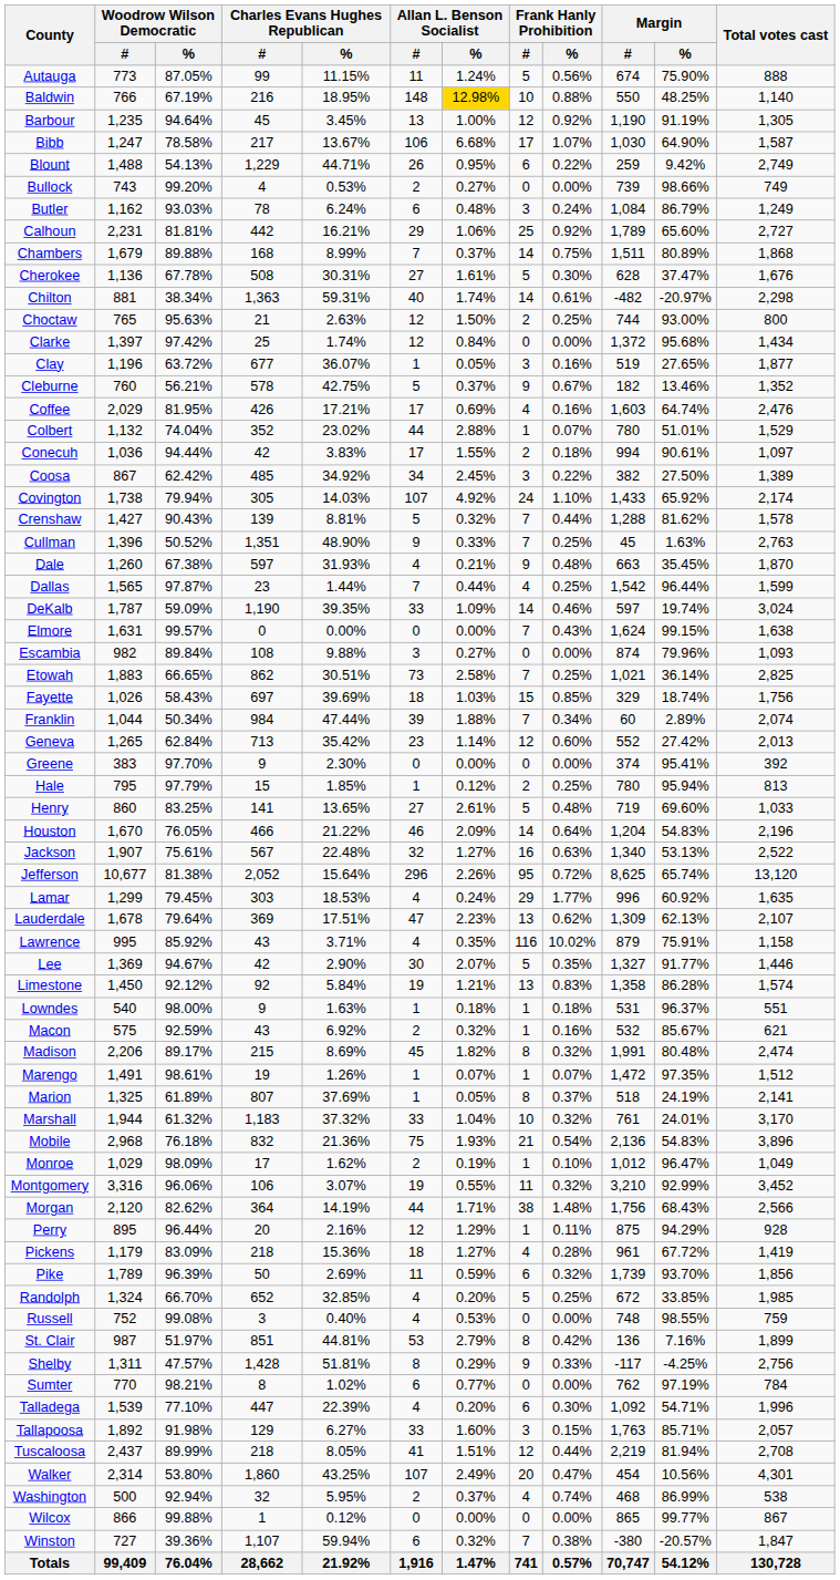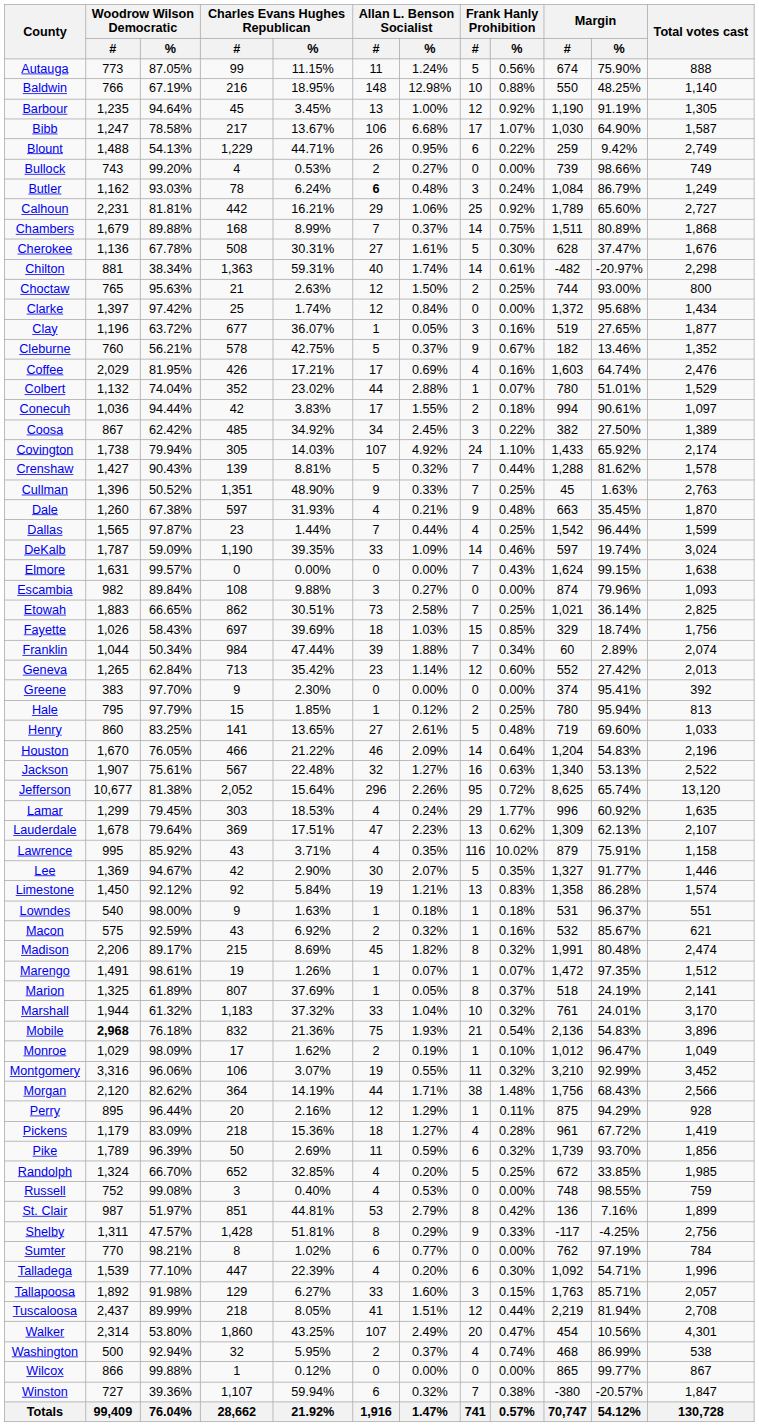 <table width="60%" class="wikitable sortable">
 <tr>
 <th rowspan="2">County</th>
 <th colspan="2">Woodrow Wilson<br>Democratic</th>
 <th colspan="2">Charles Evans Hughes<br>Republican</th>
 <th colspan="2">Allan L. Benson<br>Socialist</th>
 <th colspan="2">Frank Hanly<br>Prohibition</th>
 <th colspan="2">Margin</th>
 <th rowspan="2">Total votes cast</th>
 </tr>
 <tr bgcolor="lightgrey">
 <th data-sort-type="number">#</th>
 <th data-sort-type="number">%</th>
 <th data-sort-type="number">#</th>
 <th data-sort-type="number">%</th>
 <th data-sort-type="number">#</th>
 <th data-sort-type="number">%</th>
 <th data-sort-type="number">#</th>
 <th data-sort-type="number">%</th>
 <th data-sort-type="number">#</th>
 <th data-sort-type="number">%</th>
 </tr>
 <tr style="text-align:center;">
 <td><a href='#'>Autauga</a></td>
 <td>773</td>
 <td>87.05%</td>
 <td>99</td>
 <td>11.15%</td>
 <td>11</td>
 <td>1.24%</td>
 <td>5</td>
 <td>0.56%</td>
 <td>674</td>
 <td>75.90%</td>
 <td>888</td>
 </tr>
 <tr style="text-align:center;">
 <td><a href='#'>Baldwin</a></td>
 <td>766</td>
 <td>67.19%</td>
 <td>216</td>
 <td>18.95%</td>
 <td>148</td>
-<td style="background: gold;">12.98%</td>
+<td>12.98%</td>
 <td>10</td>
 <td>0.88%</td>
 <td>550</td>
 <td>48.25%</td>
 <td>1,140</td>
 </tr>
 <tr style="text-align:center;">
 <td><a href='#'>Barbour</a></td>
 <td>1,235</td>
 <td>94.64%</td>
 <td>45</td>
 <td>3.45%</td>
 <td>13</td>
 <td>1.00%</td>
 <td>12</td>
 <td>0.92%</td>
 <td>1,190</td>
 <td>91.19%</td>
 <td>1,305</td>
 </tr>
 <tr style="text-align:center;">
 <td><a href='#'>Bibb</a></td>
 <td>1,247</td>
 <td>78.58%</td>
 <td>217</td>
 <td>13.67%</td>
 <td>106</td>
 <td>6.68%</td>
 <td>17</td>
 <td>1.07%</td>
 <td>1,030</td>
 <td>64.90%</td>
 <td>1,587</td>
 </tr>
 <tr style="text-align:center;">
 <td><a href='#'>Blount</a></td>
 <td>1,488</td>
 <td>54.13%</td>
 <td>1,229</td>
 <td>44.71%</td>
 <td>26</td>
 <td>0.95%</td>
 <td>6</td>
 <td>0.22%</td>
 <td>259</td>
 <td>9.42%</td>
 <td>2,749</td>
 </tr>
 <tr style="text-align:center;">
 <td><a href='#'>Bullock</a></td>
 <td>743</td>
 <td>99.20%</td>
 <td>4</td>
 <td>0.53%</td>
 <td>2</td>
 <td>0.27%</td>
 <td>0</td>
 <td>0.00%</td>
 <td>739</td>
 <td>98.66%</td>
 <td>749</td>
 </tr>
 <tr style="text-align:center;">
 <td><a href='#'>Butler</a></td>
 <td>1,162</td>
 <td>93.03%</td>
 <td>78</td>
 <td>6.24%</td>
-<td>6</td>
+<td><strong>6</strong></td>
 <td>0.48%</td>
 <td>3</td>
 <td>0.24%</td>
 <td>1,084</td>
 <td>86.79%</td>
 <td>1,249</td>
 </tr>
 <tr style="text-align:center;">
 <td><a href='#'>Calhoun</a></td>
 <td>2,231</td>
 <td>81.81%</td>
 <td>442</td>
 <td>16.21%</td>
 <td>29</td>
 <td>1.06%</td>
 <td>25</td>
 <td>0.92%</td>
 <td>1,789</td>
 <td>65.60%</td>
 <td>2,727</td>
 </tr>
 <tr style="text-align:center;">
 <td><a href='#'>Chambers</a></td>
 <td>1,679</td>
 <td>89.88%</td>
 <td>168</td>
 <td>8.99%</td>
 <td>7</td>
 <td>0.37%</td>
 <td>14</td>
 <td>0.75%</td>
 <td>1,511</td>
 <td>80.89%</td>
 <td>1,868</td>
 </tr>
 <tr style="text-align:center;">
 <td><a href='#'>Cherokee</a></td>
 <td>1,136</td>
 <td>67.78%</td>
 <td>508</td>
 <td>30.31%</td>
 <td>27</td>
 <td>1.61%</td>
 <td>5</td>
 <td>0.30%</td>
 <td>628</td>
 <td>37.47%</td>
 <td>1,676</td>
 </tr>
 <tr style="text-align:center;">
 <td><a href='#'>Chilton</a></td>
 <td>881</td>
 <td>38.34%</td>
 <td>1,363</td>
 <td>59.31%</td>
 <td>40</td>
 <td>1.74%</td>
 <td>14</td>
 <td>0.61%</td>
 <td>-482</td>
 <td>-20.97%</td>
 <td>2,298</td>
 </tr>
 <tr style="text-align:center;">
 <td><a href='#'>Choctaw</a></td>
 <td>765</td>
 <td>95.63%</td>
 <td>21</td>
 <td>2.63%</td>
 <td>12</td>
 <td>1.50%</td>
 <td>2</td>
 <td>0.25%</td>
 <td>744</td>
 <td>93.00%</td>
 <td>800</td>
 </tr>
 <tr style="text-align:center;">
 <td><a href='#'>Clarke</a></td>
 <td>1,397</td>
 <td>97.42%</td>
 <td>25</td>
 <td>1.74%</td>
 <td>12</td>
 <td>0.84%</td>
 <td>0</td>
 <td>0.00%</td>
 <td>1,372</td>
 <td>95.68%</td>
 <td>1,434</td>
 </tr>
 <tr style="text-align:center;">
 <td><a href='#'>Clay</a></td>
 <td>1,196</td>
 <td>63.72%</td>
 <td>677</td>
 <td>36.07%</td>
 <td>1</td>
 <td>0.05%</td>
 <td>3</td>
 <td>0.16%</td>
 <td>519</td>
 <td>27.65%</td>
 <td>1,877</td>
 </tr>
 <tr style="text-align:center;">
 <td><a href='#'>Cleburne</a></td>
 <td>760</td>
 <td>56.21%</td>
 <td>578</td>
 <td>42.75%</td>
 <td>5</td>
 <td>0.37%</td>
 <td>9</td>
 <td>0.67%</td>
 <td>182</td>
 <td>13.46%</td>
 <td>1,352</td>
 </tr>
 <tr style="text-align:center;">
 <td><a href='#'>Coffee</a></td>
 <td>2,029</td>
 <td>81.95%</td>
 <td>426</td>
 <td>17.21%</td>
 <td>17</td>
 <td>0.69%</td>
 <td>4</td>
 <td>0.16%</td>
 <td>1,603</td>
 <td>64.74%</td>
 <td>2,476</td>
 </tr>
 <tr style="text-align:center;">
 <td><a href='#'>Colbert</a></td>
 <td>1,132</td>
 <td>74.04%</td>
 <td>352</td>
 <td>23.02%</td>
 <td>44</td>
 <td>2.88%</td>
 <td>1</td>
 <td>0.07%</td>
 <td>780</td>
 <td>51.01%</td>
 <td>1,529</td>
 </tr>
 <tr style="text-align:center;">
 <td><a href='#'>Conecuh</a></td>
 <td>1,036</td>
 <td>94.44%</td>
 <td>42</td>
 <td>3.83%</td>
 <td>17</td>
 <td>1.55%</td>
 <td>2</td>
 <td>0.18%</td>
 <td>994</td>
 <td>90.61%</td>
 <td>1,097</td>
 </tr>
 <tr style="text-align:center;">
 <td><a href='#'>Coosa</a></td>
 <td>867</td>
 <td>62.42%</td>
 <td>485</td>
 <td>34.92%</td>
 <td>34</td>
 <td>2.45%</td>
 <td>3</td>
 <td>0.22%</td>
 <td>382</td>
 <td>27.50%</td>
 <td>1,389</td>
 </tr>
 <tr style="text-align:center;">
 <td><a href='#'>Covington</a></td>
 <td>1,738</td>
 <td>79.94%</td>
 <td>305</td>
 <td>14.03%</td>
 <td>107</td>
 <td>4.92%</td>
 <td>24</td>
 <td>1.10%</td>
 <td>1,433</td>
 <td>65.92%</td>
 <td>2,174</td>
 </tr>
 <tr style="text-align:center;">
 <td><a href='#'>Crenshaw</a></td>
 <td>1,427</td>
 <td>90.43%</td>
 <td>139</td>
 <td>8.81%</td>
 <td>5</td>
 <td>0.32%</td>
 <td>7</td>
 <td>0.44%</td>
 <td>1,288</td>
 <td>81.62%</td>
 <td>1,578</td>
 </tr>
 <tr style="text-align:center;">
 <td><a href='#'>Cullman</a></td>
 <td>1,396</td>
 <td>50.52%</td>
 <td>1,351</td>
 <td>48.90%</td>
 <td>9</td>
 <td>0.33%</td>
 <td>7</td>
 <td>0.25%</td>
 <td>45</td>
 <td>1.63%</td>
 <td>2,763</td>
 </tr>
 <tr style="text-align:center;">
 <td><a href='#'>Dale</a></td>
 <td>1,260</td>
 <td>67.38%</td>
 <td>597</td>
 <td>31.93%</td>
 <td>4</td>
 <td>0.21%</td>
 <td>9</td>
 <td>0.48%</td>
 <td>663</td>
 <td>35.45%</td>
 <td>1,870</td>
 </tr>
 <tr style="text-align:center;">
 <td><a href='#'>Dallas</a></td>
 <td>1,565</td>
 <td>97.87%</td>
 <td>23</td>
 <td>1.44%</td>
 <td>7</td>
 <td>0.44%</td>
 <td>4</td>
 <td>0.25%</td>
 <td>1,542</td>
 <td>96.44%</td>
 <td>1,599</td>
 </tr>
 <tr style="text-align:center;">
 <td><a href='#'>DeKalb</a></td>
 <td>1,787</td>
 <td>59.09%</td>
 <td>1,190</td>
 <td>39.35%</td>
 <td>33</td>
 <td>1.09%</td>
 <td>14</td>
 <td>0.46%</td>
 <td>597</td>
 <td>19.74%</td>
 <td>3,024</td>
 </tr>
 <tr style="text-align:center;">
 <td><a href='#'>Elmore</a></td>
 <td>1,631</td>
 <td>99.57%</td>
 <td>0</td>
 <td>0.00%</td>
 <td>0</td>
 <td>0.00%</td>
 <td>7</td>
 <td>0.43%</td>
 <td>1,624</td>
 <td>99.15%</td>
 <td>1,638</td>
 </tr>
 <tr style="text-align:center;">
 <td><a href='#'>Escambia</a></td>
 <td>982</td>
 <td>89.84%</td>
 <td>108</td>
 <td>9.88%</td>
 <td>3</td>
 <td>0.27%</td>
 <td>0</td>
 <td>0.00%</td>
 <td>874</td>
 <td>79.96%</td>
 <td>1,093</td>
 </tr>
 <tr style="text-align:center;">
 <td><a href='#'>Etowah</a></td>
 <td>1,883</td>
 <td>66.65%</td>
 <td>862</td>
 <td>30.51%</td>
 <td>73</td>
 <td>2.58%</td>
 <td>7</td>
 <td>0.25%</td>
 <td>1,021</td>
 <td>36.14%</td>
 <td>2,825</td>
 </tr>
 <tr style="text-align:center;">
 <td><a href='#'>Fayette</a></td>
 <td>1,026</td>
 <td>58.43%</td>
 <td>697</td>
 <td>39.69%</td>
 <td>18</td>
 <td>1.03%</td>
 <td>15</td>
 <td>0.85%</td>
 <td>329</td>
 <td>18.74%</td>
 <td>1,756</td>
 </tr>
 <tr style="text-align:center;">
 <td><a href='#'>Franklin</a></td>
 <td>1,044</td>
 <td>50.34%</td>
 <td>984</td>
 <td>47.44%</td>
 <td>39</td>
 <td>1.88%</td>
 <td>7</td>
 <td>0.34%</td>
 <td>60</td>
 <td>2.89%</td>
 <td>2,074</td>
 </tr>
 <tr style="text-align:center;">
 <td><a href='#'>Geneva</a></td>
 <td>1,265</td>
 <td>62.84%</td>
 <td>713</td>
 <td>35.42%</td>
 <td>23</td>
 <td>1.14%</td>
 <td>12</td>
 <td>0.60%</td>
 <td>552</td>
 <td>27.42%</td>
 <td>2,013</td>
 </tr>
 <tr style="text-align:center;">
 <td><a href='#'>Greene</a></td>
 <td>383</td>
 <td>97.70%</td>
 <td>9</td>
 <td>2.30%</td>
 <td>0</td>
 <td>0.00%</td>
 <td>0</td>
 <td>0.00%</td>
 <td>374</td>
 <td>95.41%</td>
 <td>392</td>
 </tr>
 <tr style="text-align:center;">
 <td><a href='#'>Hale</a></td>
 <td>795</td>
 <td>97.79%</td>
 <td>15</td>
 <td>1.85%</td>
 <td>1</td>
 <td>0.12%</td>
 <td>2</td>
 <td>0.25%</td>
 <td>780</td>
 <td>95.94%</td>
 <td>813</td>
 </tr>
 <tr style="text-align:center;">
 <td><a href='#'>Henry</a></td>
 <td>860</td>
 <td>83.25%</td>
 <td>141</td>
 <td>13.65%</td>
 <td>27</td>
 <td>2.61%</td>
 <td>5</td>
 <td>0.48%</td>
 <td>719</td>
 <td>69.60%</td>
 <td>1,033</td>
 </tr>
 <tr style="text-align:center;">
 <td><a href='#'>Houston</a></td>
 <td>1,670</td>
 <td>76.05%</td>
 <td>466</td>
 <td>21.22%</td>
 <td>46</td>
 <td>2.09%</td>
 <td>14</td>
 <td>0.64%</td>
 <td>1,204</td>
 <td>54.83%</td>
 <td>2,196</td>
 </tr>
 <tr style="text-align:center;">
 <td><a href='#'>Jackson</a></td>
 <td>1,907</td>
 <td>75.61%</td>
 <td>567</td>
 <td>22.48%</td>
 <td>32</td>
 <td>1.27%</td>
 <td>16</td>
 <td>0.63%</td>
 <td>1,340</td>
 <td>53.13%</td>
 <td>2,522</td>
 </tr>
 <tr style="text-align:center;">
 <td><a href='#'>Jefferson</a></td>
 <td>10,677</td>
 <td>81.38%</td>
 <td>2,052</td>
 <td>15.64%</td>
 <td>296</td>
 <td>2.26%</td>
 <td>95</td>
 <td>0.72%</td>
 <td>8,625</td>
 <td>65.74%</td>
 <td>13,120</td>
 </tr>
 <tr style="text-align:center;">
 <td><a href='#'>Lamar</a></td>
 <td>1,299</td>
 <td>79.45%</td>
 <td>303</td>
 <td>18.53%</td>
 <td>4</td>
 <td>0.24%</td>
 <td>29</td>
 <td>1.77%</td>
 <td>996</td>
 <td>60.92%</td>
 <td>1,635</td>
 </tr>
 <tr style="text-align:center;">
 <td><a href='#'>Lauderdale</a></td>
 <td>1,678</td>
 <td>79.64%</td>
 <td>369</td>
 <td>17.51%</td>
 <td>47</td>
 <td>2.23%</td>
 <td>13</td>
 <td>0.62%</td>
 <td>1,309</td>
 <td>62.13%</td>
 <td>2,107</td>
 </tr>
 <tr style="text-align:center;">
 <td><a href='#'>Lawrence</a></td>
 <td>995</td>
 <td>85.92%</td>
 <td>43</td>
 <td>3.71%</td>
 <td>4</td>
 <td>0.35%</td>
 <td>116</td>
 <td>10.02%</td>
 <td>879</td>
 <td>75.91%</td>
 <td>1,158</td>
 </tr>
 <tr style="text-align:center;">
 <td><a href='#'>Lee</a></td>
 <td>1,369</td>
 <td>94.67%</td>
 <td>42</td>
 <td>2.90%</td>
 <td>30</td>
 <td>2.07%</td>
 <td>5</td>
 <td>0.35%</td>
 <td>1,327</td>
 <td>91.77%</td>
 <td>1,446</td>
 </tr>
 <tr style="text-align:center;">
 <td><a href='#'>Limestone</a></td>
 <td>1,450</td>
 <td>92.12%</td>
 <td>92</td>
 <td>5.84%</td>
 <td>19</td>
 <td>1.21%</td>
 <td>13</td>
 <td>0.83%</td>
 <td>1,358</td>
 <td>86.28%</td>
 <td>1,574</td>
 </tr>
 <tr style="text-align:center;">
 <td><a href='#'>Lowndes</a></td>
 <td>540</td>
 <td>98.00%</td>
 <td>9</td>
 <td>1.63%</td>
 <td>1</td>
 <td>0.18%</td>
 <td>1</td>
 <td>0.18%</td>
 <td>531</td>
 <td>96.37%</td>
 <td>551</td>
 </tr>
 <tr style="text-align:center;">
 <td><a href='#'>Macon</a></td>
 <td>575</td>
 <td>92.59%</td>
 <td>43</td>
 <td>6.92%</td>
 <td>2</td>
 <td>0.32%</td>
 <td>1</td>
 <td>0.16%</td>
 <td>532</td>
 <td>85.67%</td>
 <td>621</td>
 </tr>
 <tr style="text-align:center;">
 <td><a href='#'>Madison</a></td>
 <td>2,206</td>
 <td>89.17%</td>
 <td>215</td>
 <td>8.69%</td>
 <td>45</td>
 <td>1.82%</td>
 <td>8</td>
 <td>0.32%</td>
 <td>1,991</td>
 <td>80.48%</td>
 <td>2,474</td>
 </tr>
 <tr style="text-align:center;">
 <td><a href='#'>Marengo</a></td>
 <td>1,491</td>
 <td>98.61%</td>
 <td>19</td>
 <td>1.26%</td>
 <td>1</td>
 <td>0.07%</td>
 <td>1</td>
 <td>0.07%</td>
 <td>1,472</td>
 <td>97.35%</td>
 <td>1,512</td>
 </tr>
 <tr style="text-align:center;">
 <td><a href='#'>Marion</a></td>
 <td>1,325</td>
 <td>61.89%</td>
 <td>807</td>
 <td>37.69%</td>
 <td>1</td>
 <td>0.05%</td>
 <td>8</td>
 <td>0.37%</td>
 <td>518</td>
 <td>24.19%</td>
 <td>2,141</td>
 </tr>
 <tr style="text-align:center;">
 <td><a href='#'>Marshall</a></td>
 <td>1,944</td>
 <td>61.32%</td>
 <td>1,183</td>
 <td>37.32%</td>
 <td>33</td>
 <td>1.04%</td>
 <td>10</td>
 <td>0.32%</td>
 <td>761</td>
 <td>24.01%</td>
 <td>3,170</td>
 </tr>
 <tr style="text-align:center;">
 <td><a href='#'>Mobile</a></td>
-<td>2,968</td>
+<td><strong>2,968</strong></td>
 <td>76.18%</td>
 <td>832</td>
 <td>21.36%</td>
 <td>75</td>
 <td>1.93%</td>
 <td>21</td>
 <td>0.54%</td>
 <td>2,136</td>
 <td>54.83%</td>
 <td>3,896</td>
 </tr>
 <tr style="text-align:center;">
 <td><a href='#'>Monroe</a></td>
 <td>1,029</td>
 <td>98.09%</td>
 <td>17</td>
 <td>1.62%</td>
 <td>2</td>
 <td>0.19%</td>
 <td>1</td>
 <td>0.10%</td>
 <td>1,012</td>
 <td>96.47%</td>
 <td>1,049</td>
 </tr>
 <tr style="text-align:center;">
 <td><a href='#'>Montgomery</a></td>
 <td>3,316</td>
 <td>96.06%</td>
 <td>106</td>
 <td>3.07%</td>
 <td>19</td>
 <td>0.55%</td>
 <td>11</td>
 <td>0.32%</td>
 <td>3,210</td>
 <td>92.99%</td>
 <td>3,452</td>
 </tr>
 <tr style="text-align:center;">
 <td><a href='#'>Morgan</a></td>
 <td>2,120</td>
 <td>82.62%</td>
 <td>364</td>
 <td>14.19%</td>
 <td>44</td>
 <td>1.71%</td>
 <td>38</td>
 <td>1.48%</td>
 <td>1,756</td>
 <td>68.43%</td>
 <td>2,566</td>
 </tr>
 <tr style="text-align:center;">
 <td><a href='#'>Perry</a></td>
 <td>895</td>
 <td>96.44%</td>
 <td>20</td>
 <td>2.16%</td>
 <td>12</td>
 <td>1.29%</td>
 <td>1</td>
 <td>0.11%</td>
 <td>875</td>
 <td>94.29%</td>
 <td>928</td>
 </tr>
 <tr style="text-align:center;">
 <td><a href='#'>Pickens</a></td>
 <td>1,179</td>
 <td>83.09%</td>
 <td>218</td>
 <td>15.36%</td>
 <td>18</td>
 <td>1.27%</td>
 <td>4</td>
 <td>0.28%</td>
 <td>961</td>
 <td>67.72%</td>
 <td>1,419</td>
 </tr>
 <tr style="text-align:center;">
 <td><a href='#'>Pike</a></td>
 <td>1,789</td>
 <td>96.39%</td>
 <td>50</td>
 <td>2.69%</td>
 <td>11</td>
 <td>0.59%</td>
 <td>6</td>
 <td>0.32%</td>
 <td>1,739</td>
 <td>93.70%</td>
 <td>1,856</td>
 </tr>
 <tr style="text-align:center;">
 <td><a href='#'>Randolph</a></td>
 <td>1,324</td>
 <td>66.70%</td>
 <td>652</td>
 <td>32.85%</td>
 <td>4</td>
 <td>0.20%</td>
 <td>5</td>
 <td>0.25%</td>
 <td>672</td>
 <td>33.85%</td>
 <td>1,985</td>
 </tr>
 <tr style="text-align:center;">
 <td><a href='#'>Russell</a></td>
 <td>752</td>
 <td>99.08%</td>
 <td>3</td>
 <td>0.40%</td>
 <td>4</td>
 <td>0.53%</td>
 <td>0</td>
 <td>0.00%</td>
 <td>748</td>
 <td>98.55%</td>
 <td>759</td>
 </tr>
 <tr style="text-align:center;">
 <td><a href='#'>St. Clair</a></td>
 <td>987</td>
 <td>51.97%</td>
 <td>851</td>
 <td>44.81%</td>
 <td>53</td>
 <td>2.79%</td>
 <td>8</td>
 <td>0.42%</td>
 <td>136</td>
 <td>7.16%</td>
 <td>1,899</td>
 </tr>
 <tr style="text-align:center;">
 <td><a href='#'>Shelby</a></td>
 <td>1,311</td>
 <td>47.57%</td>
 <td>1,428</td>
 <td>51.81%</td>
 <td>8</td>
 <td>0.29%</td>
 <td>9</td>
 <td>0.33%</td>
 <td>-117</td>
 <td>-4.25%</td>
 <td>2,756</td>
 </tr>
 <tr style="text-align:center;">
 <td><a href='#'>Sumter</a></td>
 <td>770</td>
 <td>98.21%</td>
 <td>8</td>
 <td>1.02%</td>
 <td>6</td>
 <td>0.77%</td>
 <td>0</td>
 <td>0.00%</td>
 <td>762</td>
 <td>97.19%</td>
 <td>784</td>
 </tr>
 <tr style="text-align:center;">
 <td><a href='#'>Talladega</a></td>
 <td>1,539</td>
 <td>77.10%</td>
 <td>447</td>
 <td>22.39%</td>
 <td>4</td>
 <td>0.20%</td>
 <td>6</td>
 <td>0.30%</td>
 <td>1,092</td>
 <td>54.71%</td>
 <td>1,996</td>
 </tr>
 <tr style="text-align:center;">
 <td><a href='#'>Tallapoosa</a></td>
 <td>1,892</td>
 <td>91.98%</td>
 <td>129</td>
 <td>6.27%</td>
 <td>33</td>
 <td>1.60%</td>
 <td>3</td>
 <td>0.15%</td>
 <td>1,763</td>
 <td>85.71%</td>
 <td>2,057</td>
 </tr>
 <tr style="text-align:center;">
 <td><a href='#'>Tuscaloosa</a></td>
 <td>2,437</td>
 <td>89.99%</td>
 <td>218</td>
 <td>8.05%</td>
 <td>41</td>
 <td>1.51%</td>
 <td>12</td>
 <td>0.44%</td>
 <td>2,219</td>
 <td>81.94%</td>
 <td>2,708</td>
 </tr>
 <tr style="text-align:center;">
 <td><a href='#'>Walker</a></td>
 <td>2,314</td>
 <td>53.80%</td>
 <td>1,860</td>
 <td>43.25%</td>
 <td>107</td>
 <td>2.49%</td>
 <td>20</td>
 <td>0.47%</td>
 <td>454</td>
 <td>10.56%</td>
 <td>4,301</td>
 </tr>
 <tr style="text-align:center;">
 <td><a href='#'>Washington</a></td>
 <td>500</td>
 <td>92.94%</td>
 <td>32</td>
 <td>5.95%</td>
 <td>2</td>
 <td>0.37%</td>
 <td>4</td>
 <td>0.74%</td>
 <td>468</td>
 <td>86.99%</td>
 <td>538</td>
 </tr>
 <tr style="text-align:center;">
 <td><a href='#'>Wilcox</a></td>
 <td>866</td>
 <td>99.88%</td>
 <td>1</td>
 <td>0.12%</td>
 <td>0</td>
 <td>0.00%</td>
 <td>0</td>
 <td>0.00%</td>
 <td>865</td>
 <td>99.77%</td>
 <td>867</td>
 </tr>
 <tr style="text-align:center;">
 <td><a href='#'>Winston</a></td>
 <td>727</td>
 <td>39.36%</td>
 <td>1,107</td>
 <td>59.94%</td>
 <td>6</td>
 <td>0.32%</td>
 <td>7</td>
 <td>0.38%</td>
 <td>-380</td>
 <td>-20.57%</td>
 <td>1,847</td>
 </tr>
 <tr>
 <th>Totals</th>
 <th>99,409</th>
 <th>76.04%</th>
 <th>28,662</th>
 <th>21.92%</th>
 <th>1,916</th>
 <th>1.47%</th>
 <th>741</th>
 <th>0.57%</th>
 <th>70,747</th>
 <th>54.12%</th>
 <th>130,728</th>
 </tr>
 </table>
